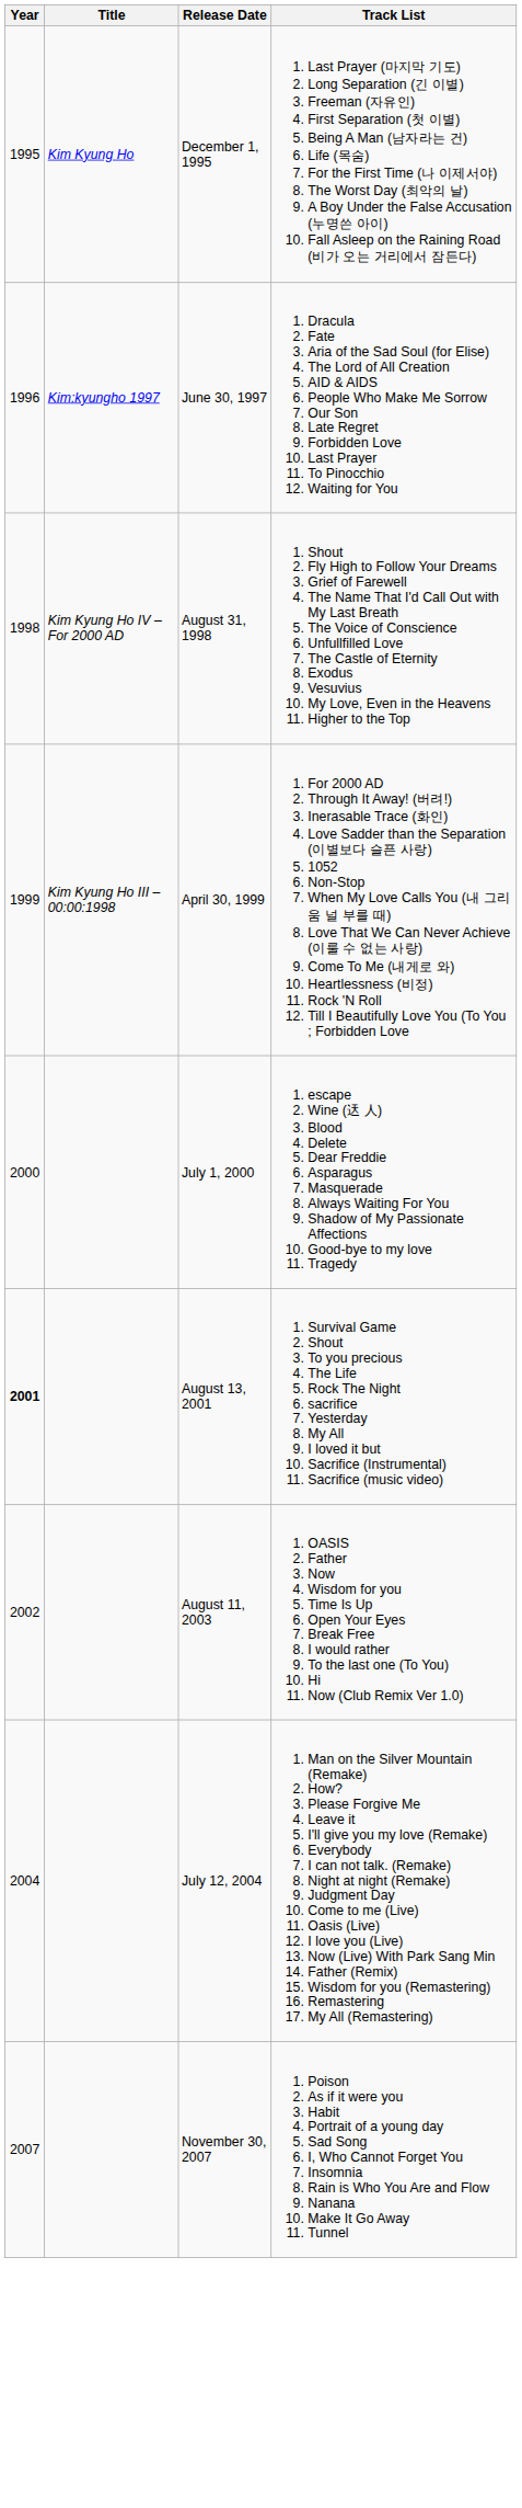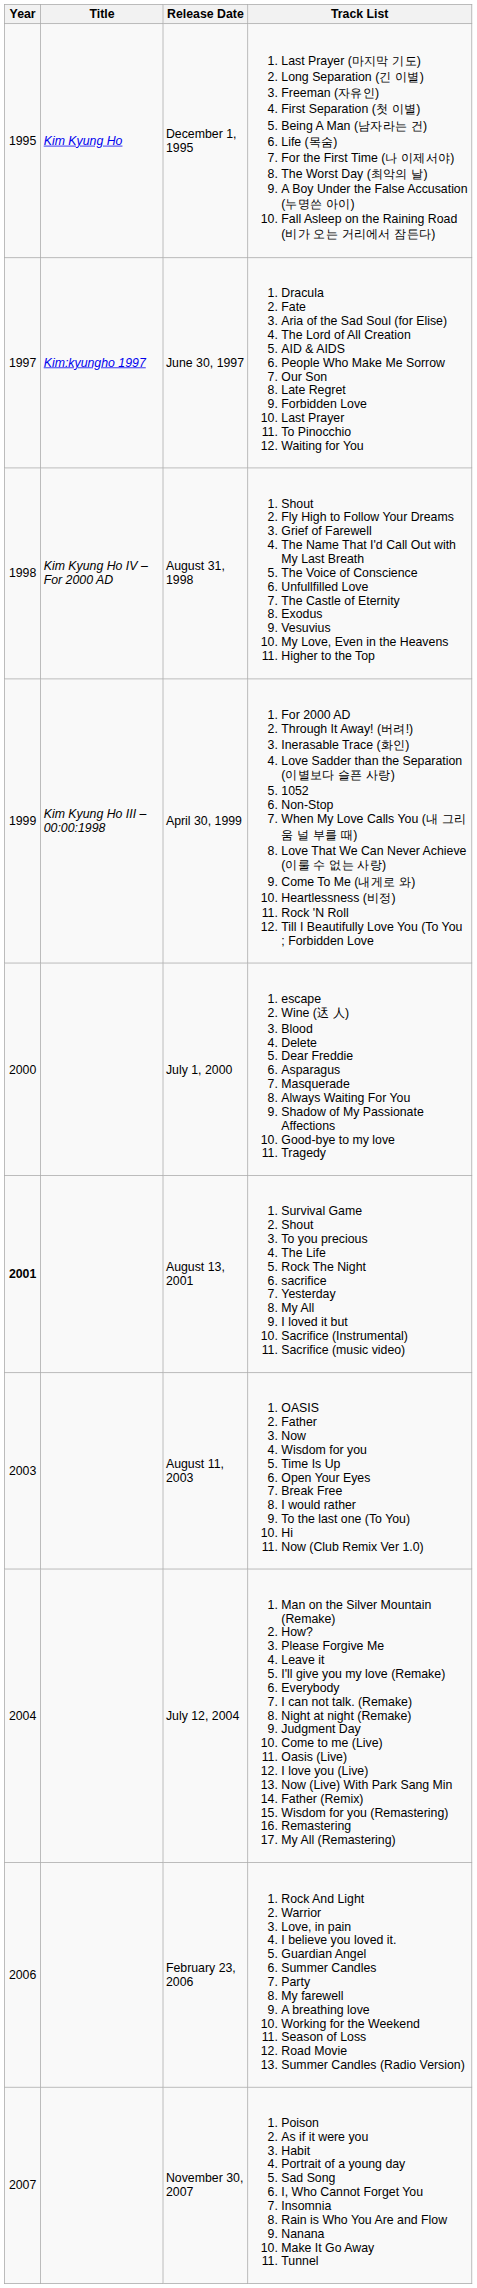 <table class="wikitable">
 <tr>
 <th style="width:40px;">Year</th>
 <th>Title</th>
 <th>Release Date</th>
 <th>Track List</th>
 </tr>
 <tr>
 <td style="text-align:center;">1995</td>
 <td><em><a href='#'>Kim Kyung Ho</a></em></td>
 <td>December 1, 1995</td>
 <td><br><ol><li>Last Prayer (마지막 기도)</li><li>Long Separation (긴 이별)</li><li>Freeman (자유인)</li><li>First Separation (첫 이별)</li><li>Being A Man (남자라는 건)</li><li>Life (목숨)</li><li>For the First Time (나 이제서야)</li><li>The Worst Day (최악의 날)</li><li>A Boy Under the False Accusation (누명쓴 아이)</li><li>Fall Asleep on the Raining Road (비가 오는 거리에서 잠든다)</li></ol></td>
 </tr>
 <tr>
-<td style="text-align:center;">1996</td>
+<td style="text-align:center;">1997</td>
 <td><em><a href='#'>Kim:kyungho 1997</a></em></td>
 <td>June 30, 1997</td>
 <td><br><ol><li>Dracula</li><li>Fate</li><li>Aria of the Sad Soul (for Elise)</li><li>The Lord of All Creation</li><li>AID & AIDS</li><li>People Who Make Me Sorrow</li><li>Our Son</li><li>Late Regret</li><li>Forbidden Love</li><li>Last Prayer</li><li>To Pinocchio</li><li>Waiting for You</li></ol></td>
 </tr>
 <tr>
 <td style="text-align:center;">1998</td>
 <td><em>Kim Kyung Ho IV – For 2000 AD</em></td>
 <td>August 31, 1998</td>
 <td><br><ol><li>Shout</li><li>Fly High to Follow Your Dreams</li><li>Grief of Farewell</li><li>The Name That I'd Call Out with My Last Breath</li><li>The Voice of Conscience</li><li>Unfullfilled Love</li><li>The Castle of Eternity</li><li>Exodus</li><li>Vesuvius</li><li>My Love, Even in the Heavens</li><li>Higher to the Top</li></ol></td>
 </tr>
 <tr>
 <td style="text-align:center;">1999</td>
 <td><em>Kim Kyung Ho III – 00:00:1998</em></td>
 <td>April 30, 1999</td>
 <td><br><ol><li>For 2000 AD</li><li>Through It Away! (버려!)</li><li>Inerasable Trace (화인)</li><li>Love Sadder than the Separation (이별보다 슬픈 사랑)</li><li>1052</li><li>Non-Stop</li><li>When My Love Calls You (내 그리움 널 부를 때)</li><li>Love That We Can Never Achieve (이룰 수 없는 사랑)</li><li>Come To Me (내게로 와)</li><li>Heartlessness (비정)</li><li>Rock 'N Roll</li><li>Till I Beautifully Love You (To You ; Forbidden Love</li></ol></td>
 </tr>
 <tr>
 <td style="text-align:center;">2000</td>
 <td><em></em></td>
 <td>July 1, 2000</td>
 <td><br><ol><li>escape</li><li>Wine (迗 人)</li><li>Blood</li><li>Delete</li><li>Dear Freddie</li><li>Asparagus</li><li>Masquerade</li><li>Always Waiting For You</li><li>Shadow of My Passionate Affections</li><li>Good-bye to my love</li><li>Tragedy</li></ol></td>
 </tr>
 <tr>
 <td style="text-align:center;"><strong>2001</strong></td>
 <td><em></em></td>
 <td>August 13, 2001</td>
 <td><br><ol><li>Survival Game</li><li>Shout</li><li>To you precious</li><li>The Life</li><li>Rock The Night</li><li>sacrifice</li><li>Yesterday</li><li>My All</li><li>I loved it but</li><li>Sacrifice (Instrumental)</li><li>Sacrifice (music video)</li></ol></td>
 </tr>
 <tr>
-<td style="text-align:center;">2002</td>
+<td style="text-align:center;">2003</td>
 <td><em></em></td>
 <td>August 11, 2003</td>
 <td><br><ol><li>OASIS</li><li>Father</li><li>Now</li><li>Wisdom for you</li><li>Time Is Up</li><li>Open Your Eyes</li><li>Break Free</li><li>I would rather</li><li>To the last one (To You)</li><li>Hi</li><li>Now (Club Remix Ver 1.0)</li></ol></td>
 </tr>
 <tr>
 <td style="text-align:center;">2004</td>
 <td><em></em></td>
 <td>July 12, 2004</td>
 <td><br><ol><li>Man on the Silver Mountain (Remake)</li><li>How?</li><li>Please Forgive Me</li><li>Leave it</li><li>I'll give you my love (Remake)</li><li>Everybody</li><li>I can not talk. (Remake)</li><li>Night at night (Remake)</li><li>Judgment Day</li><li>Come to me (Live)</li><li>Oasis (Live)</li><li>I love you (Live)</li><li>Now (Live) With Park Sang Min</li><li>Father (Remix)</li><li>Wisdom for you (Remastering)</li><li>Remastering</li><li>My All (Remastering)</li></ol></td>
 </tr>
 <tr>
+<td style="text-align:center;">2006</td>
+<td><em></em></td>
+<td>February 23, 2006</td>
+<td><br><ol><li>Rock And Light</li><li>Warrior</li><li>Love, in pain</li><li>I believe you loved it.</li><li>Guardian Angel</li><li>Summer Candles</li><li>Party</li><li>My farewell</li><li>A breathing love</li><li>Working for the Weekend</li><li>Season of Loss</li><li>Road Movie</li><li>Summer Candles (Radio Version)</li></ol></td>
+</tr>
+<tr>
 <td style="text-align:center;">2007</td>
 <td><em></em></td>
 <td>November 30, 2007</td>
 <td><br><ol><li>Poison</li><li>As if it were you</li><li>Habit</li><li>Portrait of a young day</li><li>Sad Song</li><li>I, Who Cannot Forget You</li><li>Insomnia</li><li>Rain is Who You Are and Flow</li><li>Nanana</li><li>Make It Go Away</li><li>Tunnel</li></ol></td>
 </tr>
 </table>
